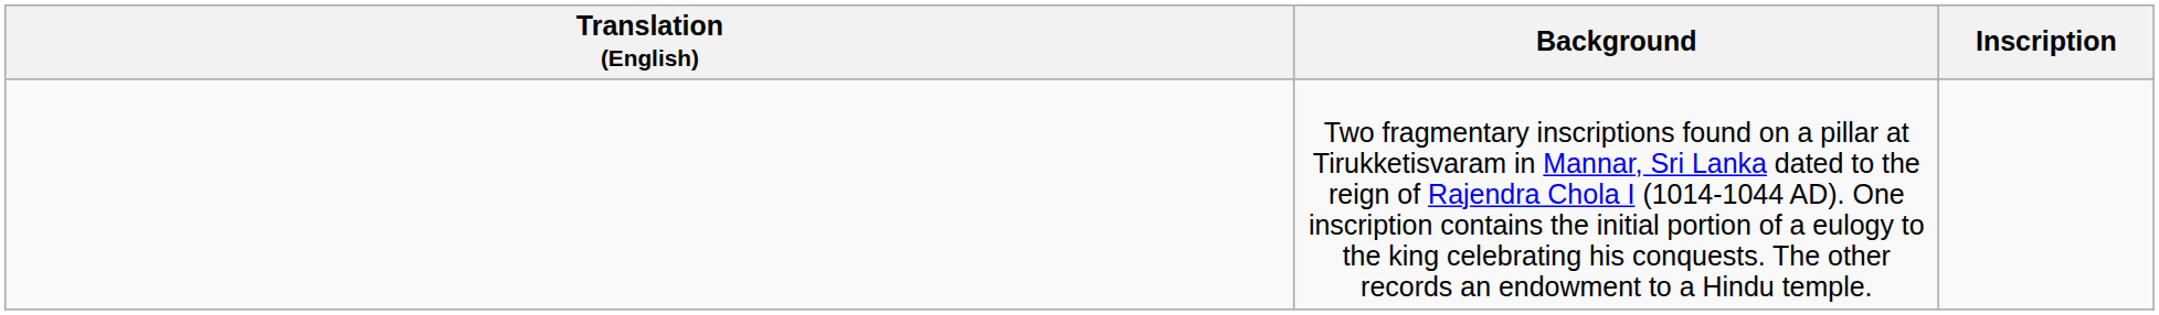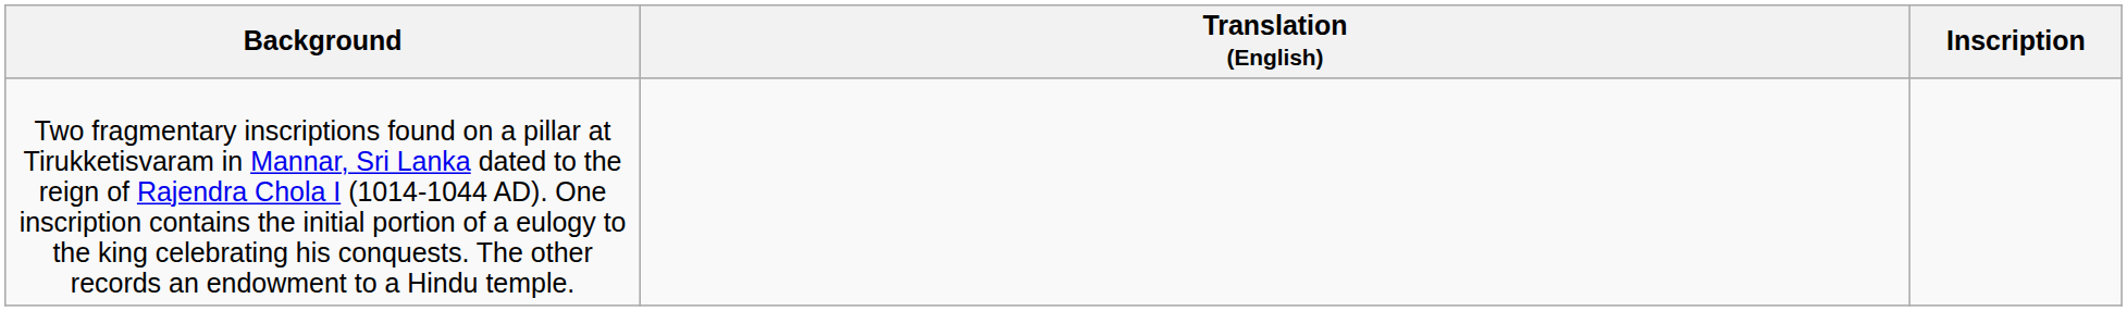 <table class="wikitable centre">
 <tr>
+<th scope="col" align=left>Background<br></th>
 <th>Translation<br><small>(English)</small></th>
-<th scope="col" align=left>Background<br></th>
 <th>Inscription<br></th>
 </tr>
 <tr>
+<td align=center width="30%"><br>Two fragmentary inscriptions found on a pillar at Tirukketisvaram in <a href='#'>Mannar, Sri Lanka</a> dated to the reign of <a href='#'>Rajendra Chola I</a> (1014-1044 AD). One inscription contains the initial portion of a eulogy to the king celebrating his conquests. The other records an endowment to a Hindu temple.</td>
 <td align=left><br></td>
-<td align=center width="30%"><br>Two fragmentary inscriptions found on a pillar at Tirukketisvaram in <a href='#'>Mannar, Sri Lanka</a> dated to the reign of <a href='#'>Rajendra Chola I</a> (1014-1044 AD). One inscription contains the initial portion of a eulogy to the king celebrating his conquests. The other records an endowment to a Hindu temple.</td>
 <td align=center width="10%"><br> </td>
 </tr>
 </table>
